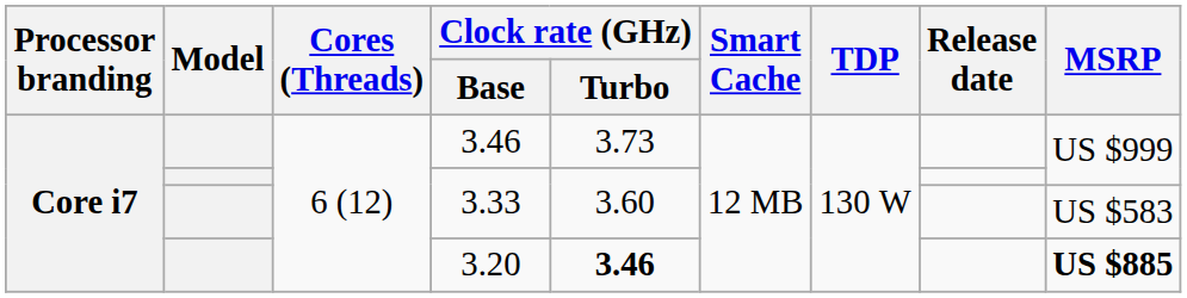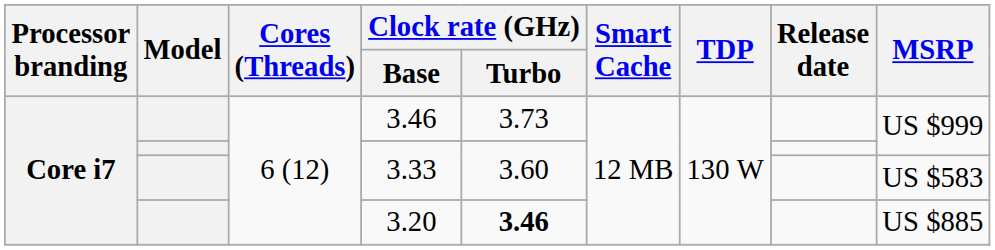 <table class="wikitable sortable nowrap" style="text-align: center;">
 <tr>
 <th class="unsortable" rowspan="2">Processor<br>branding</th>
 <th rowspan="2">Model</th>
 <th class="unsortable" rowspan="2"><a href='#'>Cores</a><br>(<a href='#'>Threads</a>)</th>
 <th colspan="2"><a href='#'>Clock rate</a> (GHz)</th>
 <th class="unsortable" rowspan="2"><a href='#'>Smart<br>Cache</a></th>
 <th rowspan="2"><a href='#'>TDP</a></th>
 <th rowspan="2">Release<br>date</th>
 <th class="unsortable" rowspan="2"><a href='#'>MSRP</a></th>
 </tr>
 <tr>
 <th class="unsortable">Base</th>
 <th class="unsortable">Turbo</th>
 </tr>
 <tr>
 <th rowspan=4>Core i7</th>
 <th style="text-align:left;" data-sort-value="sku4"></th>
 <td rowspan=4>6 (12)</td>
 <td>3.46</td>
 <td>3.73</td>
 <td rowspan=4>12 MB</td>
 <td rowspan=4>130 W</td>
 <td></td>
 <td rowspan=2>US $999</td>
 </tr>
 <tr>
 <th style="text-align:left;" data-sort-value="sku3"></th>
 <td rowspan=2>3.33</td>
 <td rowspan=2>3.60</td>
 <td></td>
 </tr>
 <tr>
 <th style="text-align:left;" data-sort-value="sku2"></th>
 <td></td>
 <td>US $583</td>
 </tr>
 <tr>
 <th style="text-align:left;" data-sort-value="sku1"></th>
 <td>3.20</td>
 <td><strong>3.46</strong></td>
 <td></td>
-<td><strong>US $885</strong></td>
+<td>US $885</td>
 </tr>
 </table>
